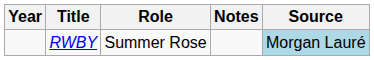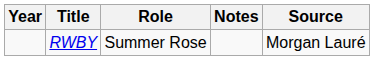 <table class="wikitable sortable plainrowheaders">
 <tr>
 <th>Year</th>
 <th>Title</th>
 <th>Role</th>
 <th class="unsortable">Notes</th>
 <th class="unsortable">Source</th>
 </tr>
 <tr>
 <td></td>
 <td><em><a href='#'>RWBY</a></em></td>
 <td>Summer Rose</td>
 <td></td>
-<td style="background: lightblue;">Morgan Lauré</td>
+<td>Morgan Lauré</td>
 </tr>
 <tr>
 </tr>
 </table>
